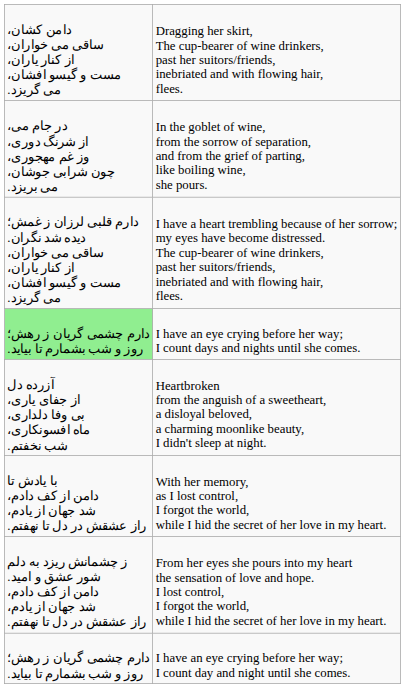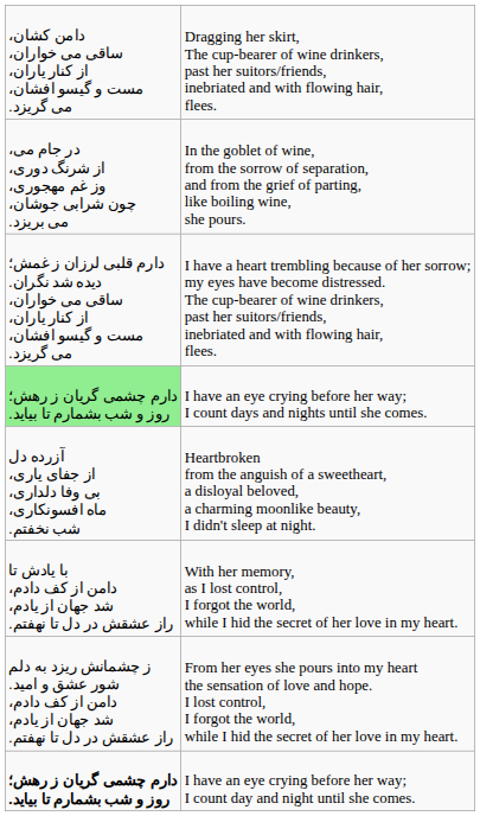 <table class="wikitable">
 <tr>
 <td><br>،دامن کشان <br>،ساقی می خواران <br>،از کنار یاران <br>،مست و گیسو افشان <br>.می گریزد</td>
 <td><br>Dragging her skirt, <br>The cup-bearer of wine drinkers, <br>past her suitors/friends, <br>inebriated and with flowing hair, <br>flees.</td>
 </tr>
 <tr>
 <td><br>،در جام می <br>،از شرنگ دوری <br>،وز غم مهجوری <br>،چون شرابی جوشان <br>.می بریزد</td>
 <td><br>In the goblet of wine, <br>from the sorrow of separation, <br>and from the grief of parting, <br>like boiling wine, <br>she pours.</td>
 </tr>
 <tr>
 <td><br>دارم قلبی لرزان ز غمش؛ <br>.دیده شد نگران <br>،ساقی می خواران <br>،از کنار یاران <br>،مست و گیسو افشان <br>.می گریزد</td>
 <td><br>I have a heart trembling because of her sorrow; <br>my eyes have become distressed. <br>The cup-bearer of wine drinkers, <br>past her suitors/friends, <br>inebriated and with flowing hair, <br>flees.</td>
 </tr>
 <tr>
 <td style="background: lightgreen;"><br>دارم چشمی گریان ز رهش؛ <br>.روز و شب بشمارم تا بیاید</td>
 <td><br>I have an eye crying before her way; <br>I count days and nights until she comes.</td>
 </tr>
 <tr>
 <td><br>آزرده دل <br>،از جفای یاری <br>،بی وفا دلداری <br>،ماه افسونکاری <br>.شب نخفتم</td>
 <td><br>Heartbroken <br>from the anguish of a sweetheart, <br>a disloyal beloved, <br>a charming moonlike beauty, <br>I didn't sleep at night.</td>
 </tr>
 <tr>
 <td><br>با یادش تا <br>،دامن از کف دادم <br>،شد جهان از یادم <br>.راز عشقش در دل تا نهفتم</td>
 <td><br>With her memory, <br>as I lost control, <br>I forgot the world, <br>while I hid the secret of her love in my heart.</td>
 </tr>
 <tr>
 <td><br>ز چشمانش ریزد به دلم <br>.شور عشق و امید <br>،دامن از کف دادم <br>،شد جهان از یادم <br>.راز عشقش در دل تا نهفتم</td>
 <td><br>From her eyes she pours into my heart <br>the sensation of love and hope. <br>I lost control, <br>I forgot the world, <br>while I hid the secret of her love in my heart.</td>
 </tr>
 <tr>
-<td><br>دارم چشمی گریان ز رهش؛ <br>.روز و شب بشمارم تا بیاید</td>
+<td><strong><br>دارم چشمی گریان ز رهش؛ <br>.روز و شب بشمارم تا بیاید</strong></td>
 <td><br>I have an eye crying before her way; <br>I count day and night until she comes.</td>
 </tr>
 </table>
